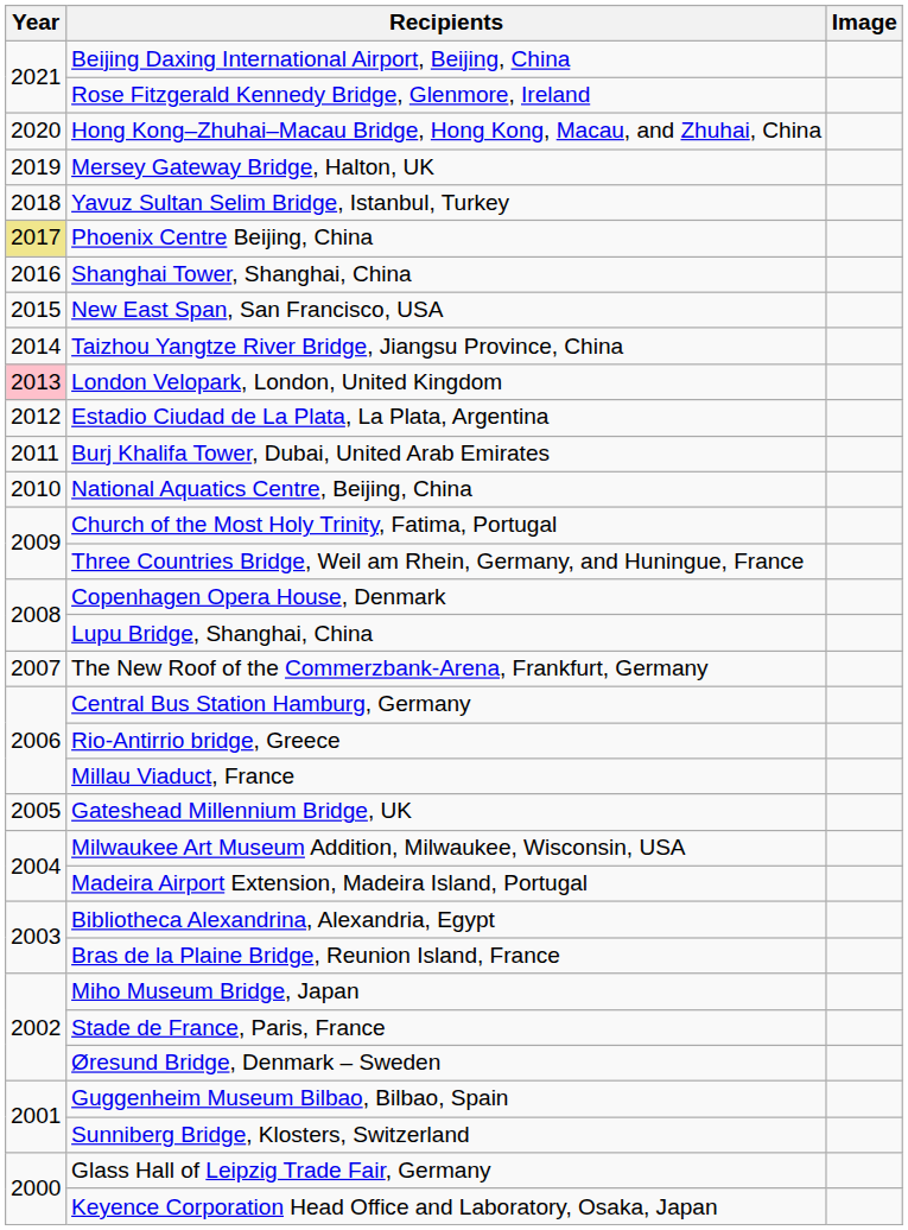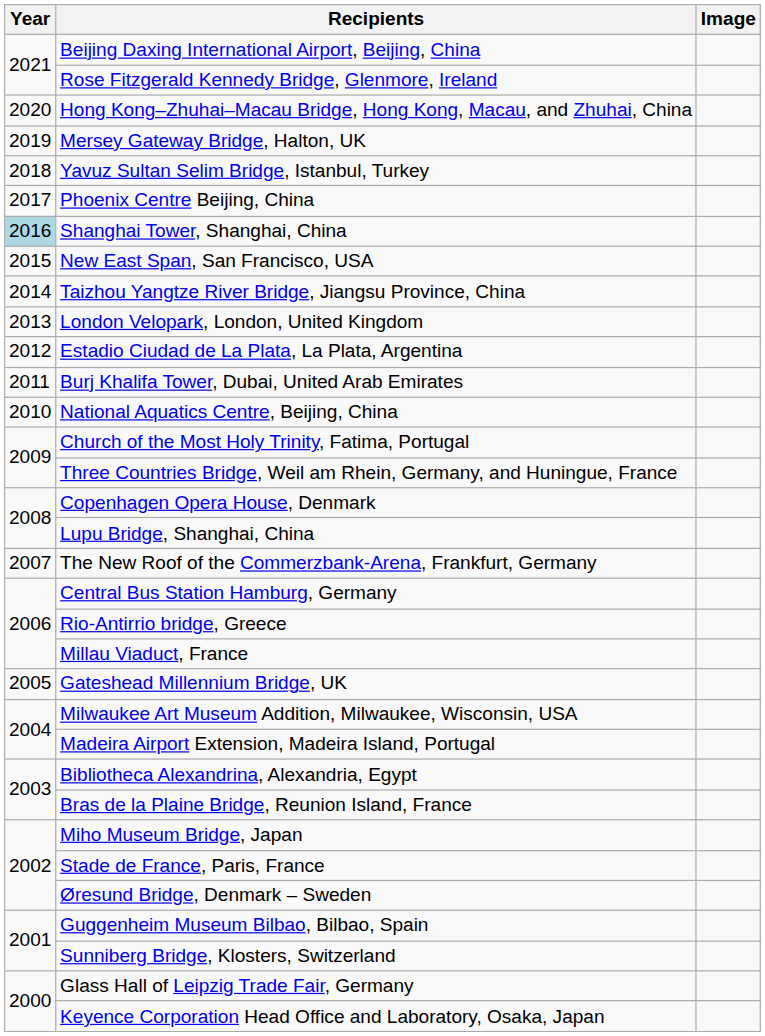 <table class="wikitable sortable">
 <tr>
 <th>Year</th>
 <th>Recipients</th>
 <th>Image</th>
 </tr>
 <tr>
 <td rowspan=2>2021</td>
 <td><a href='#'>Beijing Daxing International Airport</a>, <a href='#'>Beijing</a>, <a href='#'>China</a></td>
 <td></td>
 </tr>
 <tr>
 <td><a href='#'>Rose Fitzgerald Kennedy Bridge</a>, <a href='#'>Glenmore</a>, <a href='#'>Ireland</a></td>
 <td></td>
 </tr>
 <tr>
 <td>2020</td>
 <td><a href='#'>Hong Kong–Zhuhai–Macau Bridge</a>, <a href='#'>Hong Kong</a>, <a href='#'>Macau</a>, and <a href='#'>Zhuhai</a>, China</td>
 <td></td>
 </tr>
 <tr>
 <td>2019</td>
 <td><a href='#'>Mersey Gateway Bridge</a>, Halton, UK</td>
 <td></td>
 </tr>
 <tr>
 <td>2018</td>
 <td><a href='#'>Yavuz Sultan Selim Bridge</a>, Istanbul, Turkey</td>
 <td></td>
 </tr>
 <tr>
-<td style="background: khaki;">2017</td>
+<td>2017</td>
 <td><a href='#'>Phoenix Centre</a> Beijing, China</td>
 <td></td>
 </tr>
 <tr>
-<td>2016</td>
+<td style="background: lightblue;">2016</td>
 <td><a href='#'>Shanghai Tower</a>, Shanghai, China</td>
 <td></td>
 </tr>
 <tr>
 <td>2015</td>
 <td><a href='#'>New East Span</a>, San Francisco, USA</td>
 <td></td>
 </tr>
 <tr>
 <td>2014</td>
 <td><a href='#'>Taizhou Yangtze River Bridge</a>, Jiangsu Province, China</td>
 <td></td>
 </tr>
 <tr>
-<td style="background: pink;">2013</td>
+<td>2013</td>
 <td><a href='#'>London Velopark</a>, London, United Kingdom</td>
 <td></td>
 </tr>
 <tr>
 <td>2012</td>
 <td><a href='#'>Estadio Ciudad de La Plata</a>, La Plata, Argentina</td>
 <td></td>
 </tr>
 <tr>
 <td>2011</td>
 <td><a href='#'>Burj Khalifa Tower</a>, Dubai, United Arab Emirates</td>
 <td></td>
 </tr>
 <tr>
 <td>2010</td>
 <td><a href='#'>National Aquatics Centre</a>, Beijing, China</td>
 <td></td>
 </tr>
 <tr>
 <td rowspan=2>2009</td>
 <td><a href='#'>Church of the Most Holy Trinity</a>, Fatima, Portugal</td>
 <td></td>
 </tr>
 <tr>
 <td><a href='#'>Three Countries Bridge</a>, Weil am Rhein, Germany, and Huningue, France</td>
 <td></td>
 </tr>
 <tr>
 <td rowspan=2>2008</td>
 <td><a href='#'>Copenhagen Opera House</a>, Denmark</td>
 <td></td>
 </tr>
 <tr>
 <td><a href='#'>Lupu Bridge</a>, Shanghai, China</td>
 <td></td>
 </tr>
 <tr>
 <td>2007</td>
 <td>The New Roof of the <a href='#'>Commerzbank-Arena</a>, Frankfurt, Germany</td>
 <td></td>
 </tr>
 <tr>
 <td rowspan=3>2006</td>
 <td><a href='#'>Central Bus Station Hamburg</a>, Germany</td>
 <td></td>
 </tr>
 <tr>
 <td><a href='#'>Rio-Antirrio bridge</a>, Greece</td>
 <td></td>
 </tr>
 <tr>
 <td><a href='#'>Millau Viaduct</a>, France</td>
 <td></td>
 </tr>
 <tr>
 <td>2005</td>
 <td><a href='#'>Gateshead Millennium Bridge</a>, UK</td>
 <td></td>
 </tr>
 <tr>
 <td rowspan=2>2004</td>
 <td><a href='#'>Milwaukee Art Museum</a> Addition, Milwaukee, Wisconsin, USA</td>
 <td></td>
 </tr>
 <tr>
 <td><a href='#'>Madeira Airport</a> Extension, Madeira Island, Portugal</td>
 <td></td>
 </tr>
 <tr>
 <td rowspan=2>2003</td>
 <td><a href='#'>Bibliotheca Alexandrina</a>, Alexandria, Egypt</td>
 <td></td>
 </tr>
 <tr>
 <td><a href='#'>Bras de la Plaine Bridge</a>, Reunion Island, France</td>
 <td></td>
 </tr>
 <tr>
 <td rowspan=3>2002</td>
 <td><a href='#'> Miho Museum Bridge</a>, Japan</td>
 <td></td>
 </tr>
 <tr>
 <td><a href='#'>Stade de France</a>, Paris, France</td>
 <td></td>
 </tr>
 <tr>
 <td><a href='#'>Øresund Bridge</a>, Denmark – Sweden</td>
 <td></td>
 </tr>
 <tr>
 <td rowspan=2>2001</td>
 <td><a href='#'>Guggenheim Museum Bilbao</a>, Bilbao, Spain</td>
 <td></td>
 </tr>
 <tr>
 <td><a href='#'>Sunniberg Bridge</a>, Klosters, Switzerland</td>
 <td></td>
 </tr>
 <tr>
 <td rowspan=2>2000</td>
 <td>Glass Hall of <a href='#'>Leipzig Trade Fair</a>, Germany</td>
 <td></td>
 </tr>
 <tr>
 <td><a href='#'>Keyence Corporation</a> Head Office and Laboratory, Osaka, Japan</td>
 <td></td>
 </tr>
 </table>
